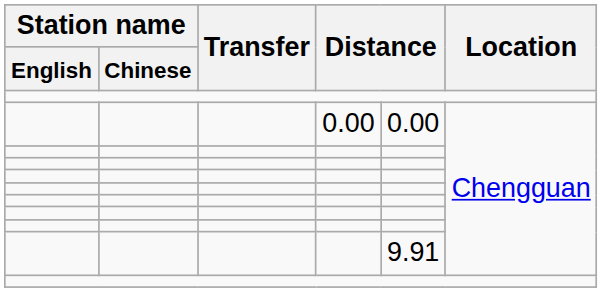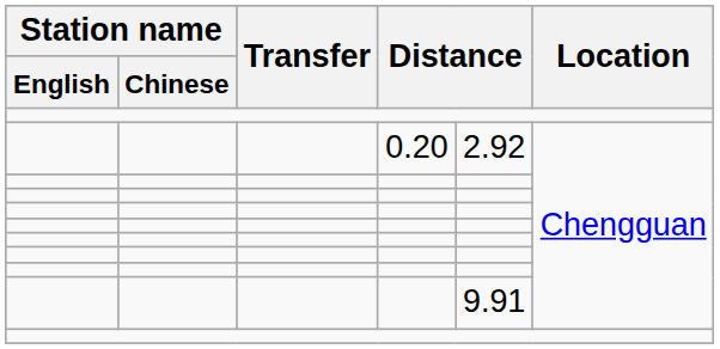 <table class="wikitable">
 <tr>
 <th colspan=2>Station name</th>
 <th rowspan=2>Transfer</th>
 <th colspan="2" rowspan="2">Distance<br></th>
 <th rowspan=2>Location</th>
 </tr>
 <tr>
 <th><small>English</small></th>
 <th><small>Chinese</small></th>
 </tr>
 <tr style="background:#">
 <td colspan = "7"></td>
 </tr>
 <tr>
 <td></td>
 <td></td>
 <td></td>
-<td>0.00</td>
-<td>0.00</td>
+<td>0.20</td>
+<td>2.92</td>
 <td rowspan="9"><a href='#'>Chengguan</a></td>
 </tr>
 <tr>
 <td></td>
 <td></td>
 <td></td>
 <td></td>
 <td></td>
 </tr>
 <tr>
 <td></td>
 <td></td>
 <td></td>
 <td></td>
 <td></td>
 </tr>
 <tr>
 <td></td>
 <td></td>
 <td></td>
 <td></td>
 <td></td>
 </tr>
 <tr>
 <td></td>
 <td></td>
 <td></td>
 <td></td>
 <td></td>
 </tr>
 <tr>
 <td></td>
 <td></td>
 <td></td>
 <td></td>
 <td></td>
 </tr>
 <tr>
 <td></td>
 <td></td>
 <td></td>
 <td></td>
 <td></td>
 </tr>
 <tr>
 <td></td>
 <td></td>
 <td></td>
 <td></td>
 <td></td>
 </tr>
 <tr>
 <td></td>
 <td></td>
 <td></td>
 <td></td>
 <td>9.91</td>
 </tr>
 <tr style="background:#">
 <td colspan = "7"></td>
 </tr>
 </table>
